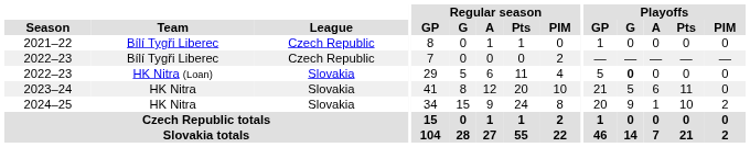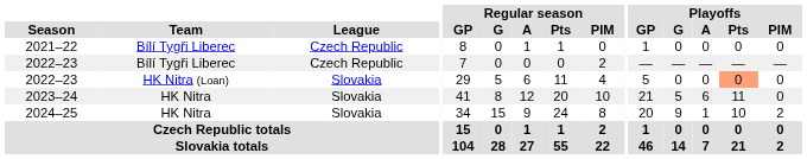 <table border="0" cellpadding="1" cellspacing="0" style="text-align:center; width:60em">
 <tr bgcolor="#e0e0e0">
 <th colspan="3" bgcolor="#ffffff"></th>
 <th rowspan="99" bgcolor="#ffffff"></th>
 <th colspan="5">Regular season</th>
 <th rowspan="99" bgcolor="#ffffff"></th>
 <th colspan="5">Playoffs</th>
 </tr>
 <tr bgcolor="#e0e0e0">
 <th>Season</th>
 <th>Team</th>
 <th>League</th>
 <th>GP</th>
 <th>G</th>
 <th>A</th>
 <th>Pts</th>
 <th>PIM</th>
 <th>GP</th>
 <th>G</th>
 <th>A</th>
 <th>Pts</th>
 <th>PIM</th>
 </tr>
 <tr>
 <td>2021–22</td>
 <td><a href='#'>Bílí Tygři Liberec</a></td>
 <td><a href='#'>Czech Republic</a></td>
 <td>8</td>
 <td>0</td>
 <td>1</td>
 <td>1</td>
 <td>0</td>
 <td>1</td>
 <td>0</td>
 <td>0</td>
 <td>0</td>
 <td>0</td>
 </tr>
 <tr bgcolor="#f0f0f0">
 <td>2022–23</td>
 <td>Bílí Tygři Liberec</td>
 <td>Czech Republic</td>
 <td>7</td>
 <td>0</td>
 <td>0</td>
 <td>0</td>
 <td>2</td>
 <td>—</td>
 <td>—</td>
 <td>—</td>
 <td>—</td>
 <td>—</td>
 </tr>
 <tr>
 <td>2022–23</td>
 <td><a href='#'>HK Nitra</a> <small>(Loan)</small></td>
 <td><a href='#'>Slovakia</a></td>
 <td>29</td>
 <td>5</td>
 <td>6</td>
 <td>11</td>
 <td>4</td>
 <td>5</td>
-<td><strong>0</strong></td>
 <td>0</td>
 <td>0</td>
+<td style="background: lightsalmon;">0</td>
 <td>0</td>
 </tr>
 <tr bgcolor="#f0f0f0">
 <td>2023–24</td>
 <td>HK Nitra</td>
 <td>Slovakia</td>
 <td>41</td>
 <td>8</td>
 <td>12</td>
 <td>20</td>
 <td>10</td>
 <td>21</td>
 <td>5</td>
 <td>6</td>
 <td>11</td>
 <td>0</td>
 </tr>
 <tr>
 <td>2024–25</td>
 <td>HK Nitra</td>
 <td>Slovakia</td>
 <td>34</td>
 <td>15</td>
 <td>9</td>
 <td>24</td>
 <td>8</td>
 <td>20</td>
 <td>9</td>
 <td>1</td>
 <td>10</td>
 <td>2</td>
 </tr>
 <tr bgcolor="#e0e0e0">
 <th colspan="3">Czech Republic totals</th>
 <th>15</th>
 <th>0</th>
 <th>1</th>
 <th>1</th>
 <th>2</th>
 <th>1</th>
 <th>0</th>
 <th>0</th>
 <th>0</th>
 <th>0</th>
 </tr>
 <tr bgcolor="#e0e0e0">
 <th colspan="3">Slovakia totals</th>
 <th>104</th>
 <th>28</th>
 <th>27</th>
 <th>55</th>
 <th>22</th>
 <th>46</th>
 <th>14</th>
 <th>7</th>
 <th>21</th>
 <th>2</th>
 </tr>
 </table>
